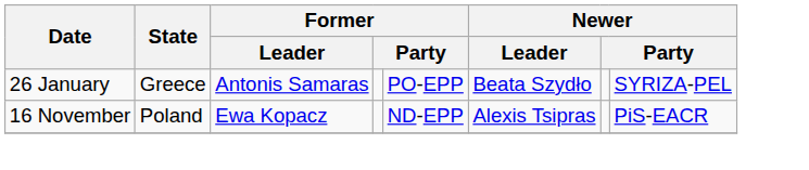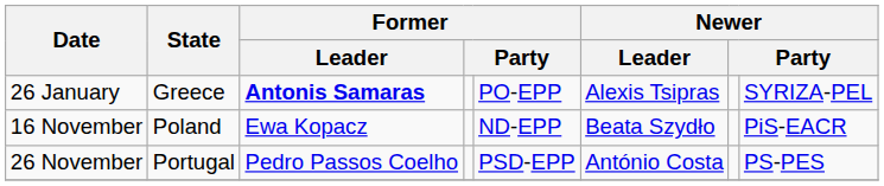 <table class="wikitable">
 <tr>
 <th rowspan=2>Date</th>
 <th rowspan=2>State</th>
 <th colspan=3>Former</th>
 <th colspan=3>Newer</th>
 </tr>
 <tr>
 <th>Leader</th>
 <th colspan=2>Party</th>
 <th>Leader</th>
 <th colspan=2>Party</th>
 </tr>
 <tr>
 <td>26 January</td>
 <td>Greece</td>
-<td><a href='#'>Antonis Samaras</a></td>
+<td><strong><a href='#'>Antonis Samaras</a></strong></td>
 <td style="background-color:"></td>
 <td><a href='#'>PO</a>-<a href='#'>EPP</a></td>
-<td><a href='#'>Beata Szydło</a></td>
+<td><a href='#'>Alexis Tsipras</a></td>
 <td style="background-color:"></td>
 <td><a href='#'>SYRIZA</a>-<a href='#'>PEL</a></td>
 </tr>
 <tr>
 <td>16 November</td>
 <td>Poland</td>
 <td><a href='#'>Ewa Kopacz</a></td>
 <td style="background-color:"></td>
 <td><a href='#'>ND</a>-<a href='#'>EPP</a></td>
-<td><a href='#'>Alexis Tsipras</a></td>
+<td><a href='#'>Beata Szydło</a></td>
 <td style="background-color:"></td>
 <td><a href='#'>PiS</a>-<a href='#'>EACR</a></td>
 </tr>
 <tr>
+<td>26 November</td>
+<td>Portugal</td>
+<td><a href='#'>Pedro Passos Coelho</a></td>
+<td style="background-color:"></td>
+<td><a href='#'>PSD</a>-<a href='#'>EPP</a></td>
+<td><a href='#'>António Costa</a></td>
+<td style="background-color:"></td>
+<td><a href='#'>PS</a>-<a href='#'>PES</a></td>
+</tr>
+<tr>
 </tr>
 </table>
